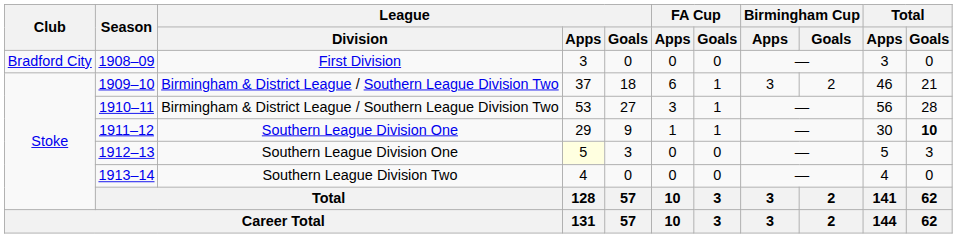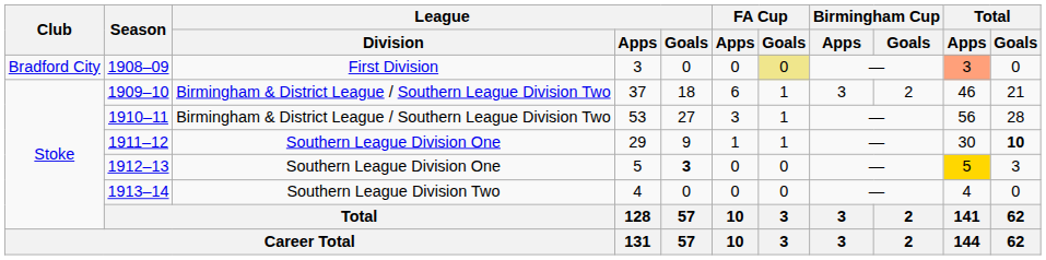 <table class="wikitable" style="text-align: center;">
 <tr>
 <th rowspan="2">Club</th>
 <th rowspan="2">Season</th>
 <th colspan="3">League</th>
 <th colspan="2">FA Cup</th>
 <th colspan="2">Birmingham Cup</th>
 <th colspan="2">Total</th>
 </tr>
 <tr>
 <th>Division</th>
 <th>Apps</th>
 <th>Goals</th>
 <th>Apps</th>
 <th>Goals</th>
 <th>Apps</th>
 <th>Goals</th>
 <th>Apps</th>
 <th>Goals</th>
 </tr>
 <tr>
 <td><a href='#'>Bradford City</a></td>
 <td><a href='#'>1908–09</a></td>
 <td><a href='#'>First Division</a></td>
 <td>3</td>
 <td>0</td>
 <td>0</td>
-<td>0</td>
+<td style="background: khaki;">0</td>
 <td colspan="2">—</td>
-<td>3</td>
+<td style="background: lightsalmon;">3</td>
 <td>0</td>
 </tr>
 <tr>
 <td rowspan="6"><a href='#'>Stoke</a></td>
 <td><a href='#'>1909–10</a></td>
 <td><a href='#'>Birmingham & District League</a> / <a href='#'>Southern League Division Two</a></td>
 <td>37</td>
 <td>18</td>
 <td>6</td>
 <td>1</td>
 <td>3</td>
 <td>2</td>
 <td>46</td>
 <td>21</td>
 </tr>
 <tr>
 <td><a href='#'>1910–11</a></td>
 <td>Birmingham & District League / Southern League Division Two</td>
 <td>53</td>
 <td>27</td>
 <td>3</td>
 <td>1</td>
 <td colspan="2">—</td>
 <td>56</td>
 <td>28</td>
 </tr>
 <tr>
 <td><a href='#'>1911–12</a></td>
 <td><a href='#'>Southern League Division One</a></td>
 <td>29</td>
 <td>9</td>
 <td>1</td>
 <td>1</td>
 <td colspan="2">—</td>
 <td>30</td>
 <td><strong>10</strong></td>
 </tr>
 <tr>
 <td><a href='#'>1912–13</a></td>
 <td>Southern League Division One</td>
-<td style="background: lightyellow;">5</td>
-<td>3</td>
+<td>5</td>
+<td><strong>3</strong></td>
 <td>0</td>
 <td>0</td>
 <td colspan="2">—</td>
-<td>5</td>
+<td style="background: gold;">5</td>
 <td>3</td>
 </tr>
 <tr>
 <td><a href='#'>1913–14</a></td>
 <td>Southern League Division Two</td>
 <td>4</td>
 <td>0</td>
 <td>0</td>
 <td>0</td>
 <td colspan="2">—</td>
 <td>4</td>
 <td>0</td>
 </tr>
 <tr>
 <th colspan=2>Total</th>
 <th>128</th>
 <th>57</th>
 <th>10</th>
 <th>3</th>
 <th>3</th>
 <th>2</th>
 <th>141</th>
 <th>62</th>
 </tr>
 <tr>
 <th colspan="3">Career Total</th>
 <th>131</th>
 <th>57</th>
 <th>10</th>
 <th>3</th>
 <th>3</th>
 <th>2</th>
 <th>144</th>
 <th>62</th>
 </tr>
 </table>
